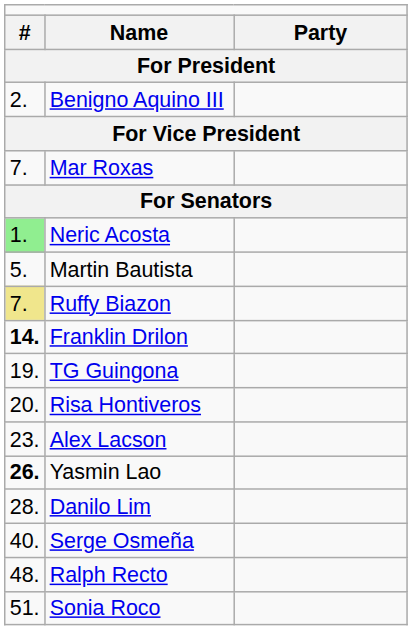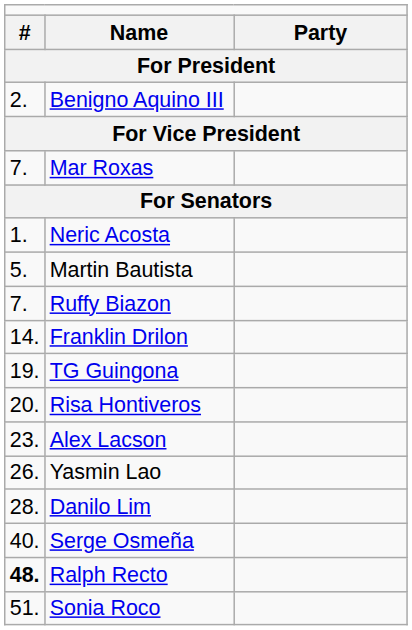 <table class=wikitable style="font-size:90%">
 <tr>
 <td colspan=4 bgcolor=></td>
 </tr>
 <tr>
 <th>#</th>
 <th width=120px>Name</th>
 <th colspan=2 width=110px>Party</th>
 </tr>
 <tr>
 <th colspan=5>For President</th>
 </tr>
 <tr>
 <td>2.</td>
 <td><a href='#'>Benigno Aquino III</a></td>
 <td></td>
 </tr>
 <tr>
 <th colspan=5>For Vice President</th>
 </tr>
 <tr>
 <td>7.</td>
 <td><a href='#'>Mar Roxas</a></td>
 <td></td>
 </tr>
 <tr>
 <th colspan=5>For Senators</th>
 </tr>
 <tr>
-<td style="background: lightgreen;">1.</td>
+<td>1.</td>
 <td><a href='#'>Neric Acosta</a></td>
 <td></td>
 </tr>
 <tr>
 <td>5.</td>
 <td>Martin Bautista</td>
 <td></td>
 </tr>
 <tr>
-<td style="background: khaki;">7.</td>
+<td>7.</td>
 <td><a href='#'>Ruffy Biazon</a></td>
 <td></td>
 </tr>
 <tr>
-<td><strong>14.</strong></td>
+<td>14.</td>
 <td><a href='#'>Franklin Drilon</a></td>
 <td></td>
 </tr>
 <tr>
 <td>19.</td>
 <td><a href='#'>TG Guingona</a></td>
 <td></td>
 </tr>
 <tr>
 <td>20.</td>
 <td><a href='#'>Risa Hontiveros</a></td>
 <td></td>
 </tr>
 <tr>
 <td>23.</td>
 <td><a href='#'>Alex Lacson</a></td>
 <td></td>
 </tr>
 <tr>
-<td><strong>26.</strong></td>
+<td>26.</td>
 <td>Yasmin Lao</td>
 <td></td>
 </tr>
 <tr>
 <td>28.</td>
 <td><a href='#'>Danilo Lim</a></td>
 <td></td>
 </tr>
 <tr>
 <td>40.</td>
 <td><a href='#'>Serge Osmeña</a></td>
 <td></td>
 </tr>
 <tr>
-<td>48.</td>
+<td><strong>48.</strong></td>
 <td><a href='#'>Ralph Recto</a></td>
 <td></td>
 </tr>
 <tr>
 <td>51.</td>
 <td><a href='#'>Sonia Roco</a></td>
 <td></td>
 </tr>
 </table>
